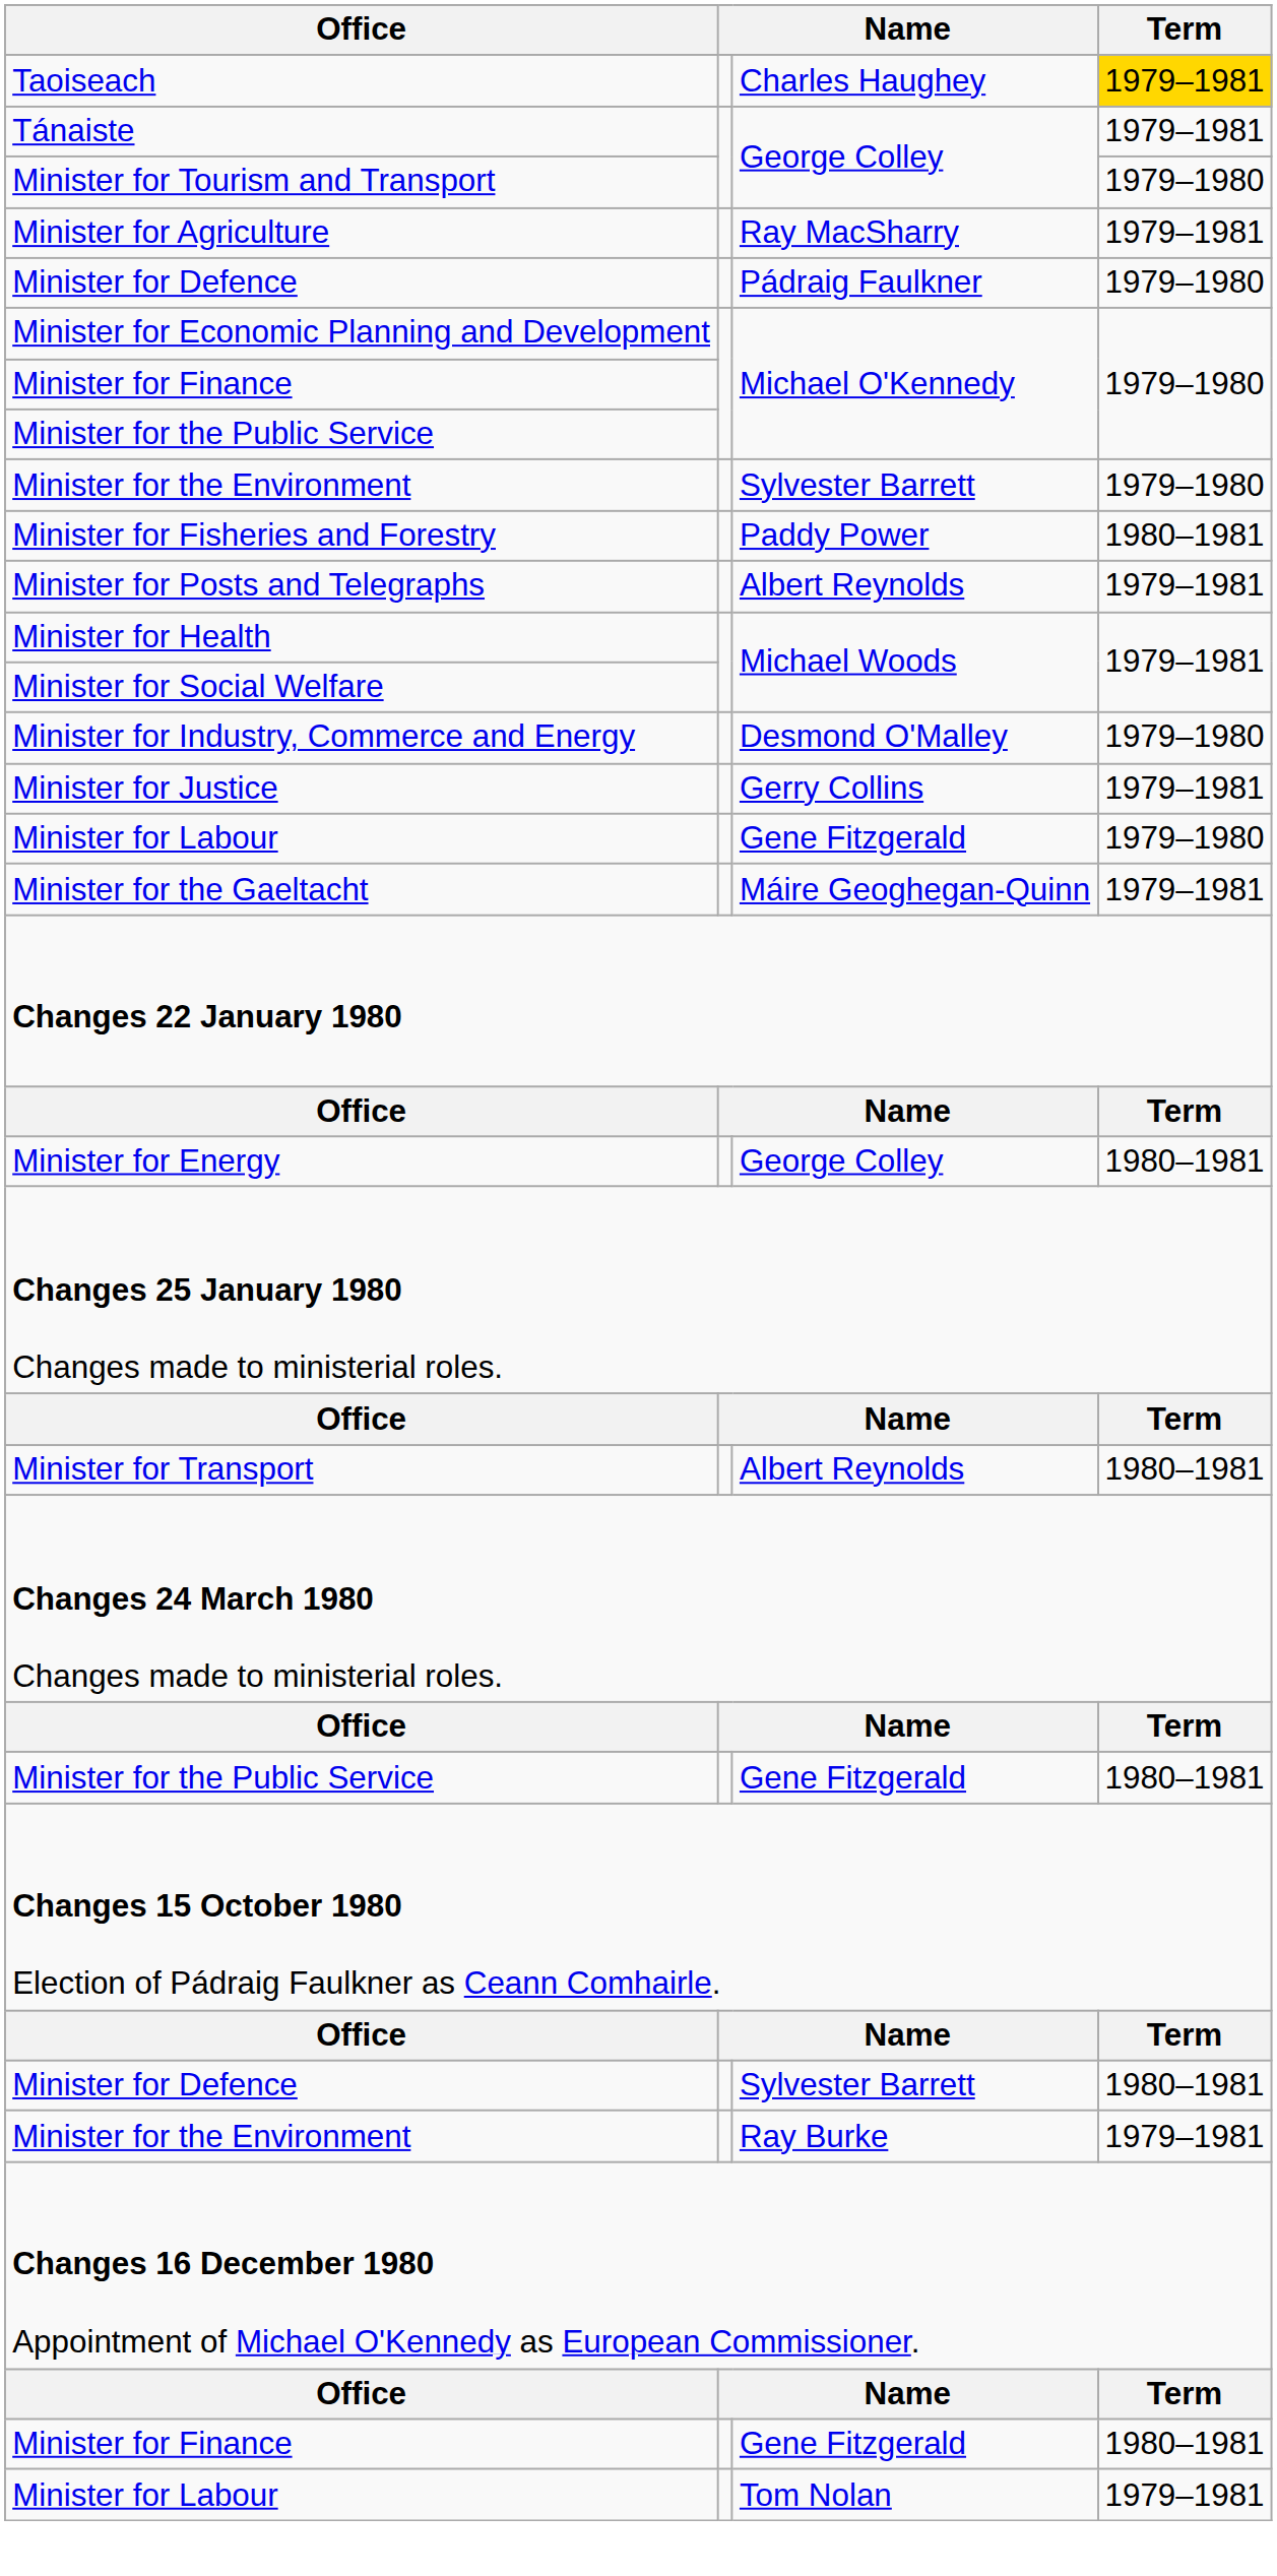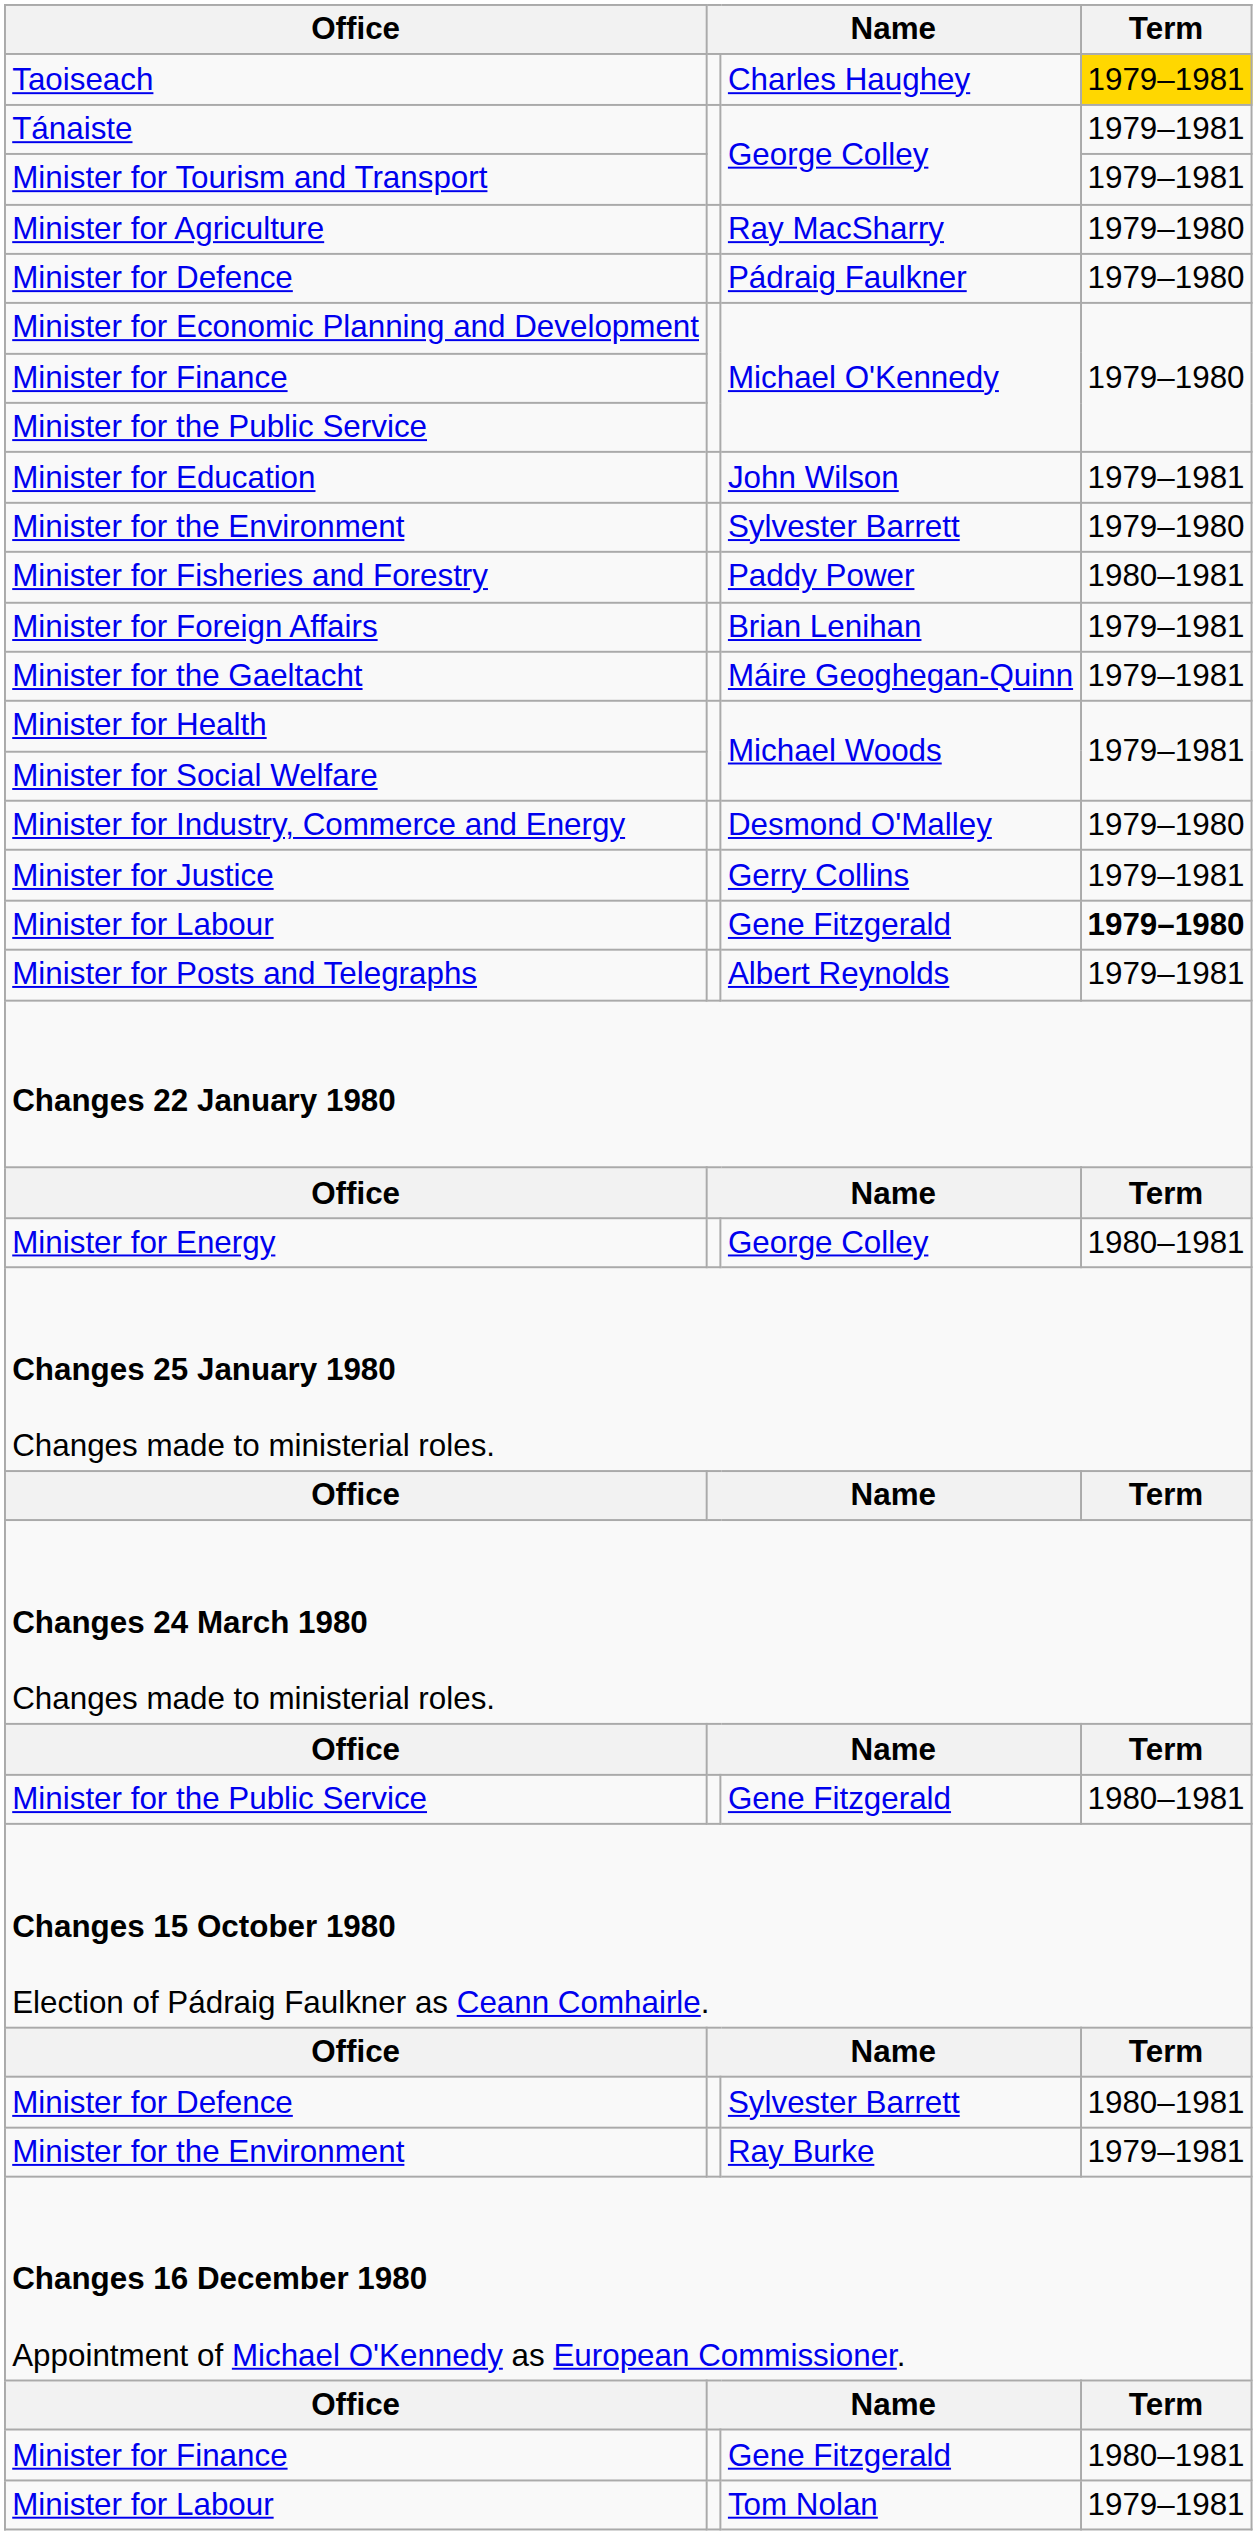 <table class="wikitable">
 <tr>
 <th>Office</th>
 <th colspan="2">Name</th>
 <th>Term</th>
 </tr>
 <tr>
 <td><a href='#'>Taoiseach</a></td>
 <td style="background-color: "></td>
 <td><a href='#'>Charles Haughey</a></td>
 <td style="background: gold;">1979–1981</td>
 </tr>
 <tr>
 <td><a href='#'>Tánaiste</a></td>
 <td rowspan=2 style="background-color: "></td>
 <td rowspan=2><a href='#'>George Colley</a></td>
 <td>1979–1981</td>
 </tr>
 <tr>
 <td><a href='#'>Minister for Tourism and Transport</a></td>
-<td>1979–1980</td>
+<td>1979–1981</td>
 </tr>
 <tr>
 <td><a href='#'>Minister for Agriculture</a></td>
 <td style="background-color: "></td>
 <td><a href='#'>Ray MacSharry</a></td>
-<td>1979–1981</td>
+<td>1979–1980</td>
 </tr>
 <tr>
 <td><a href='#'>Minister for Defence</a></td>
 <td style="background-color: "></td>
 <td><a href='#'>Pádraig Faulkner</a></td>
 <td>1979–1980</td>
 </tr>
 <tr>
 <td><a href='#'>Minister for Economic Planning and Development</a></td>
 <td rowspan=3 style="background-color: "></td>
 <td rowspan=3><a href='#'>Michael O'Kennedy</a></td>
 <td rowspan=3>1979–1980</td>
 </tr>
 <tr>
 <td><a href='#'>Minister for Finance</a></td>
 </tr>
 <tr>
 <td><a href='#'>Minister for the Public Service</a></td>
 </tr>
 <tr>
+<td><a href='#'>Minister for Education</a></td>
+<td style="background-color: "></td>
+<td><a href='#'>John Wilson</a></td>
+<td>1979–1981</td>
+</tr>
+<tr>
 <td><a href='#'>Minister for the Environment</a></td>
 <td style="background-color: "></td>
 <td><a href='#'>Sylvester Barrett</a></td>
 <td>1979–1980</td>
 </tr>
 <tr>
 <td><a href='#'>Minister for Fisheries and Forestry</a></td>
 <td style="background-color: "></td>
 <td><a href='#'>Paddy Power</a></td>
 <td>1980–1981</td>
 </tr>
 <tr>
-<td><a href='#'>Minister for Posts and Telegraphs</a></td>
+<td><a href='#'>Minister for Foreign Affairs</a></td>
 <td style="background-color: "></td>
-<td><a href='#'>Albert Reynolds</a></td>
+<td><a href='#'>Brian Lenihan</a></td>
+<td>1979–1981</td>
+</tr>
+<tr>
+<td><a href='#'>Minister for the Gaeltacht</a></td>
+<td style="background-color: "></td>
+<td><a href='#'>Máire Geoghegan-Quinn</a></td>
 <td>1979–1981</td>
 </tr>
 <tr>
 <td><a href='#'>Minister for Health</a></td>
 <td rowspan=2 style="background-color: "></td>
 <td rowspan=2><a href='#'>Michael Woods</a></td>
 <td rowspan=2>1979–1981</td>
 </tr>
 <tr>
 <td><a href='#'>Minister for Social Welfare</a></td>
 </tr>
 <tr>
 <td><a href='#'>Minister for Industry, Commerce and Energy</a></td>
 <td style="background-color: "></td>
 <td><a href='#'>Desmond O'Malley</a></td>
 <td>1979–1980</td>
 </tr>
 <tr>
 <td><a href='#'>Minister for Justice</a></td>
 <td style="background-color: "></td>
 <td><a href='#'>Gerry Collins</a></td>
 <td>1979–1981</td>
 </tr>
 <tr>
 <td><a href='#'>Minister for Labour</a></td>
 <td style="background-color: "></td>
 <td><a href='#'>Gene Fitzgerald</a></td>
-<td>1979–1980</td>
+<td><strong>1979–1980</strong></td>
 </tr>
 <tr>
-<td><a href='#'>Minister for the Gaeltacht</a></td>
+<td><a href='#'>Minister for Posts and Telegraphs</a></td>
 <td style="background-color: "></td>
-<td><a href='#'>Máire Geoghegan-Quinn</a></td>
+<td><a href='#'>Albert Reynolds</a></td>
 <td>1979–1981</td>
 </tr>
 <tr>
 <td colspan="4"><br><h4>Changes 22 January 1980</h4></td>
 </tr>
 <tr>
 <th>Office</th>
 <th colspan="2">Name</th>
 <th>Term</th>
 </tr>
 <tr>
 <td><a href='#'>Minister for Energy</a></td>
 <td style="background-color: "></td>
 <td><a href='#'>George Colley</a></td>
 <td>1980–1981</td>
 </tr>
 <tr>
 <td colspan="4"><br><h4>Changes 25 January 1980</h4>Changes made to ministerial roles.</td>
 </tr>
 <tr>
 <th>Office</th>
 <th colspan="2">Name</th>
 <th>Term</th>
-</tr>
-<tr>
-<td><a href='#'>Minister for Transport</a></td>
-<td style="background-color: "></td>
-<td><a href='#'>Albert Reynolds</a></td>
-<td>1980–1981</td>
 </tr>
 <tr>
 <td colspan="4"><br><h4>Changes 24 March 1980</h4>Changes made to ministerial roles.</td>
 </tr>
 <tr>
 <th>Office</th>
 <th colspan="2">Name</th>
 <th>Term</th>
 </tr>
 <tr>
 <td><a href='#'>Minister for the Public Service</a></td>
 <td style="background-color: "></td>
 <td><a href='#'>Gene Fitzgerald</a></td>
 <td>1980–1981</td>
 </tr>
 <tr>
 <td colspan="4"><br><h4>Changes 15 October 1980</h4>Election of Pádraig Faulkner as <a href='#'>Ceann Comhairle</a>.</td>
 </tr>
 <tr>
 <th>Office</th>
 <th colspan="2">Name</th>
 <th>Term</th>
 </tr>
 <tr>
 <td><a href='#'>Minister for Defence</a></td>
 <td style="background-color: "></td>
 <td><a href='#'>Sylvester Barrett</a></td>
 <td>1980–1981</td>
 </tr>
 <tr>
 <td><a href='#'>Minister for the Environment</a></td>
 <td style="background-color: "></td>
 <td><a href='#'>Ray Burke</a></td>
 <td>1979–1981</td>
 </tr>
 <tr>
 <td colspan="4"><br><h4>Changes 16 December 1980</h4>Appointment of <a href='#'>Michael O'Kennedy</a> as <a href='#'>European Commissioner</a>.</td>
 </tr>
 <tr>
 <th>Office</th>
 <th colspan="2">Name</th>
 <th>Term</th>
 </tr>
 <tr>
 <td><a href='#'>Minister for Finance</a></td>
 <td style="background-color: "></td>
 <td><a href='#'>Gene Fitzgerald</a></td>
 <td>1980–1981</td>
 </tr>
 <tr>
 <td><a href='#'>Minister for Labour</a></td>
 <td style="background-color: "></td>
 <td><a href='#'>Tom Nolan</a></td>
 <td>1979–1981</td>
 </tr>
 </table>
